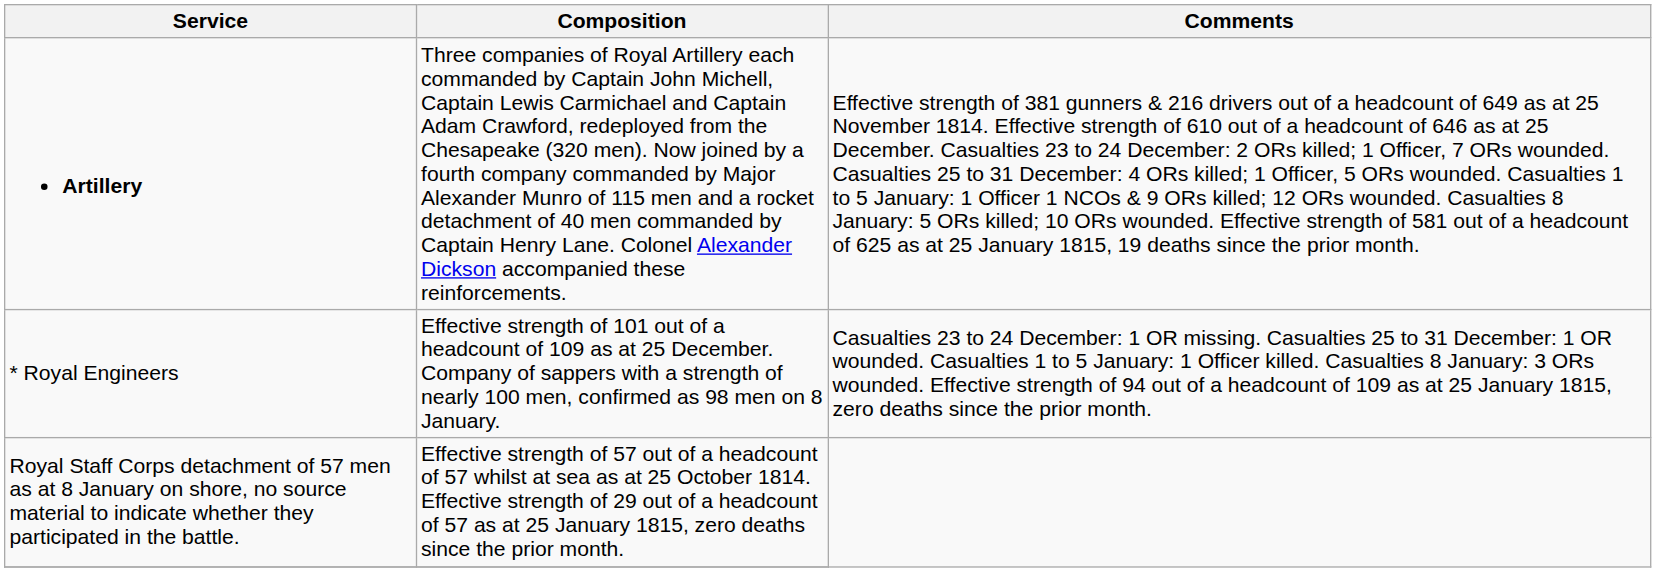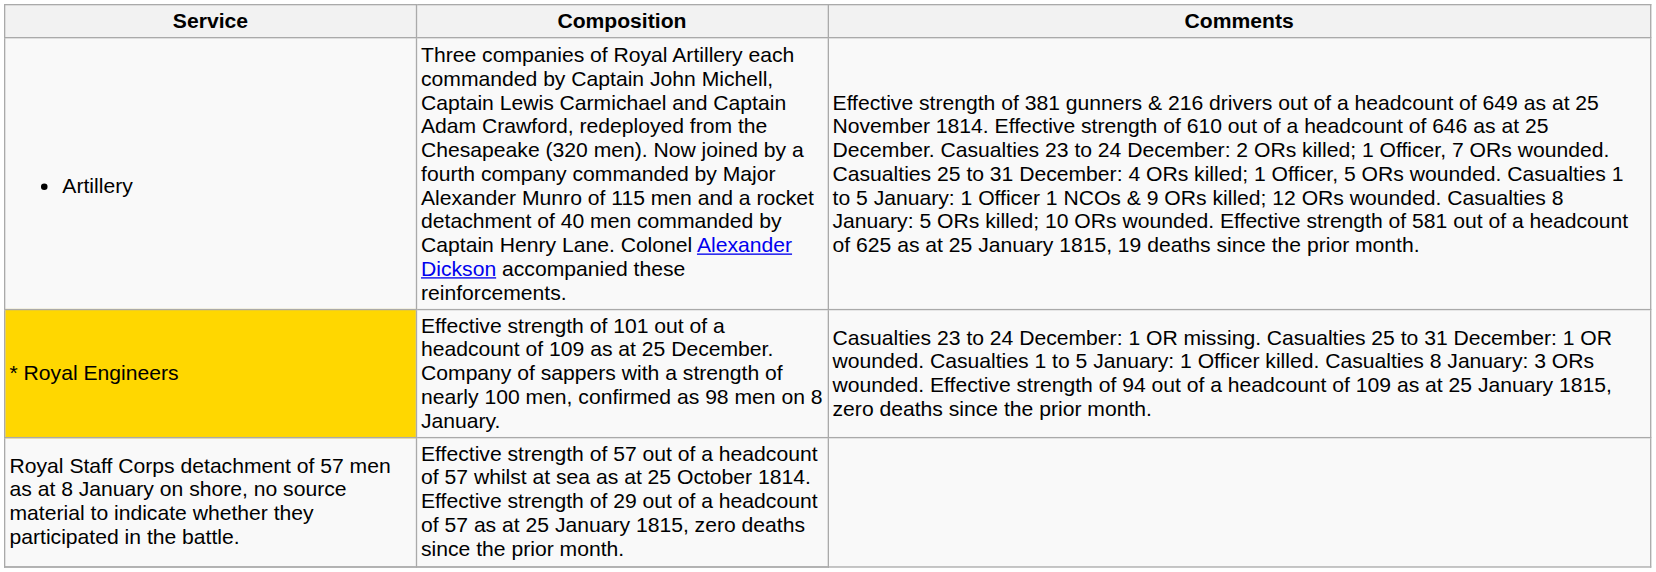 <table class="wikitable">
 <tr>
 <th width=25%>Service</th>
 <th width=25%>Composition</th>
 <th>Comments</th>
 </tr>
 <tr>
-<td rowspan=1><strong><br><ul><li>Artillery</li></ul></strong></td>
+<td rowspan=1><br><ul><li>Artillery</li></ul></td>
 <td>Three companies of Royal Artillery each commanded by Captain John Michell, Captain Lewis Carmichael and Captain Adam Crawford, redeployed from the Chesapeake (320 men). Now joined by a fourth company commanded by Major Alexander Munro of 115 men and a rocket detachment of 40 men commanded by Captain Henry Lane. Colonel <a href='#'>Alexander Dickson</a> accompanied these reinforcements.<br></td>
 <td>Effective strength of 381 gunners & 216 drivers out of a headcount of 649 as at 25 November 1814. Effective strength of 610 out of a headcount of 646 as at 25 December. Casualties 23 to 24 December: 2 ORs killed; 1 Officer, 7 ORs wounded. Casualties 25 to 31 December: 4 ORs killed; 1 Officer, 5 ORs wounded. Casualties 1 to 5 January: 1 Officer 1 NCOs & 9 ORs killed; 12 ORs wounded. Casualties 8 January: 5 ORs killed; 10 ORs wounded. Effective strength of 581 out of a headcount of 625 as at 25 January 1815, 19 deaths since the prior month.</td>
 </tr>
 <tr>
-<td>* Royal Engineers</td>
+<td style="background: gold;">* Royal Engineers</td>
 <td>Effective strength of 101 out of a headcount of 109 as at 25 December. Company of sappers  with a strength of nearly 100 men, confirmed as 98 men on 8 January.</td>
 <td>Casualties 23 to 24 December: 1 OR missing. Casualties 25 to 31 December: 1 OR wounded. Casualties 1 to 5 January: 1 Officer killed. Casualties 8 January: 3 ORs wounded. Effective strength of 94 out of a headcount of 109 as at 25 January 1815, zero deaths since the prior month.<br></td>
 </tr>
 <tr>
 <td>Royal Staff Corps detachment of 57 men as at 8 January on shore, no source material to indicate whether they participated in the battle.</td>
 <td>Effective strength of 57 out of a headcount of 57 whilst at sea as at 25 October 1814. Effective strength of 29 out of a headcount of 57 as at 25 January 1815, zero deaths since the prior month.</td>
 </tr>
 <tr>
 </tr>
 </table>
